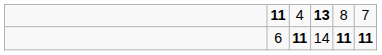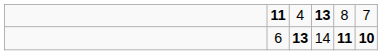 <table class="wikitable">
 <tr>
 <td style="width:18em"></td>
 <td align=center style="width:1em"><strong>11</strong></td>
 <td align=center style="width:1em">4</td>
 <td align=center style="width:1em"><strong>13</strong></td>
 <td align=center style="width:1em">8</td>
 <td align=center style="width:1em">7</td>
 </tr>
 <tr>
 <td style="width:18em"></td>
 <td align=center style="width:1em">6</td>
-<td align=center style="width:1em"><strong>11</strong></td>
+<td align=center style="width:1em"><strong>13</strong></td>
 <td align=center style="width:1em">14</td>
 <td align=center style="width:1em"><strong>11</strong></td>
-<td align=center style="width:1em"><strong>11</strong></td>
+<td align=center style="width:1em"><strong>10</strong></td>
 </tr>
 </table>
